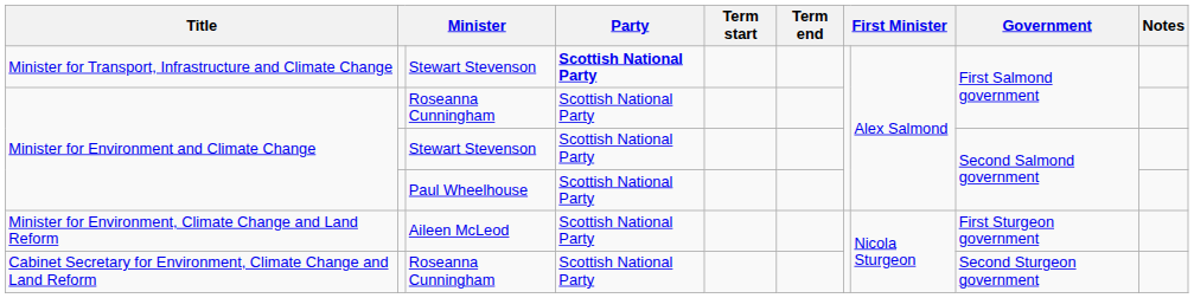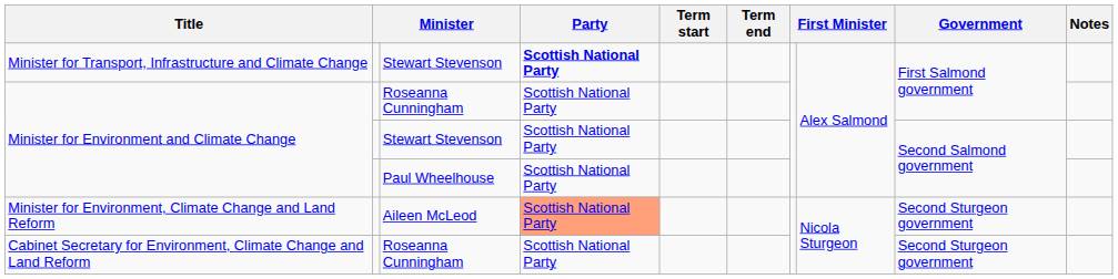 <table class="wikitable sortable">
 <tr>
 <th>Title</th>
 <th colspan=2><a href='#'>Minister</a></th>
 <th><a href='#'>Party</a></th>
 <th>Term start</th>
 <th>Term end</th>
 <th colspan=2><a href='#'>First Minister</a></th>
 <th><a href='#'>Government</a></th>
 <th class="unsortable">Notes</th>
 </tr>
 <tr>
 <td><a href='#'>Minister for Transport, Infrastructure and Climate Change</a></td>
 <td style="color:inherit;background:"></td>
 <td><a href='#'>Stewart Stevenson</a></td>
 <td><strong><a href='#'>Scottish National Party</a></strong></td>
 <td></td>
 <td></td>
 <td rowspan=4 bgcolor=></td>
 <td rowspan=4><a href='#'>Alex Salmond</a></td>
 <td rowspan=2><a href='#'>First Salmond government</a></td>
 <td></td>
 </tr>
 <tr>
 <td rowspan=3><a href='#'>Minister for Environment and Climate Change</a></td>
 <td style="color:inherit;background:"></td>
 <td><a href='#'>Roseanna Cunningham</a></td>
 <td><a href='#'>Scottish National Party</a></td>
 <td></td>
 <td></td>
 <td></td>
 </tr>
 <tr>
 <td style="color:inherit;background:"></td>
 <td><a href='#'>Stewart Stevenson</a></td>
 <td><a href='#'>Scottish National Party</a></td>
 <td></td>
 <td></td>
 <td rowspan=2><a href='#'>Second Salmond government</a></td>
 <td></td>
 </tr>
 <tr>
 <td style="color:inherit;background:"></td>
 <td><a href='#'>Paul Wheelhouse</a></td>
 <td><a href='#'>Scottish National Party</a></td>
 <td></td>
 <td></td>
 <td></td>
 </tr>
 <tr>
 <td><a href='#'>Minister for Environment, Climate Change and Land Reform</a></td>
 <td style="color:inherit;background:"></td>
 <td><a href='#'>Aileen McLeod</a></td>
-<td><a href='#'>Scottish National Party</a></td>
+<td style="background: lightsalmon;"><a href='#'>Scottish National Party</a></td>
 <td></td>
 <td></td>
 <td rowspan=2 bgcolor=></td>
 <td rowspan=2><a href='#'>Nicola Sturgeon</a></td>
-<td><a href='#'>First Sturgeon government</a></td>
+<td><a href='#'>Second Sturgeon government</a></td>
 <td></td>
 </tr>
 <tr>
 <td><a href='#'>Cabinet Secretary for Environment, Climate Change and Land Reform</a></td>
 <td style="color:inherit;background:"></td>
 <td><a href='#'>Roseanna Cunningham</a></td>
 <td><a href='#'>Scottish National Party</a></td>
 <td></td>
 <td></td>
 <td><a href='#'>Second Sturgeon government</a></td>
 <td></td>
 </tr>
 </table>
